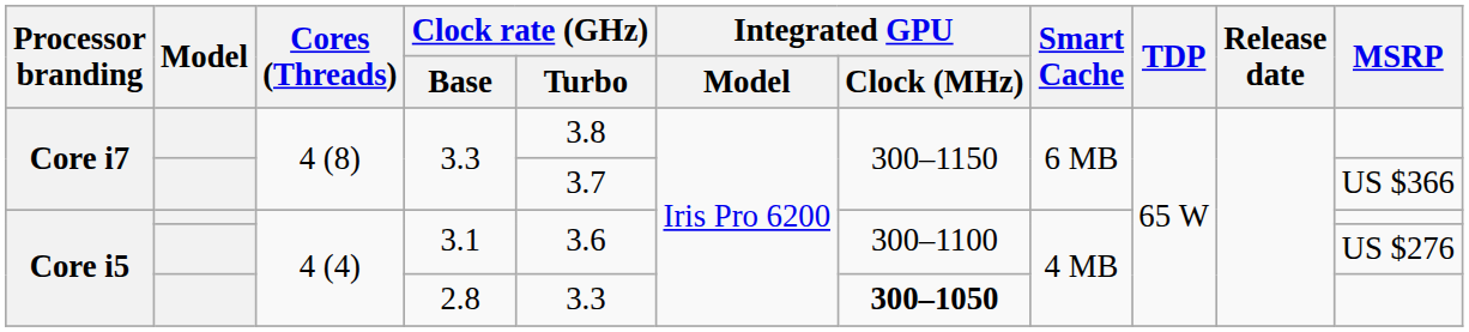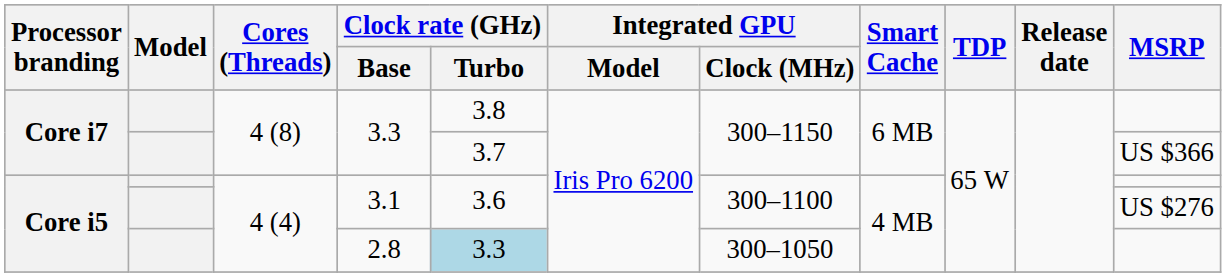 <table class="wikitable sortable nowrap" style="text-align: center;">
 <tr>
 <th class="unsortable" rowspan="2">Processor<br>branding</th>
 <th rowspan="2">Model</th>
 <th class="unsortable" rowspan="2"><a href='#'>Cores</a><br>(<a href='#'>Threads</a>)</th>
 <th colspan="2"><a href='#'>Clock rate</a> (GHz)</th>
 <th colspan="2">Integrated <a href='#'>GPU</a></th>
 <th class="unsortable" rowspan="2"><a href='#'>Smart<br>Cache</a></th>
 <th rowspan="2"><a href='#'>TDP</a></th>
 <th rowspan="2">Release<br>date</th>
 <th class="unsortable" rowspan="2"><a href='#'>MSRP</a></th>
 </tr>
 <tr>
 <th class="unsortable">Base</th>
 <th class="unsortable">Turbo</th>
 <th class="unsortable">Model</th>
 <th class="unsortable">Clock (MHz)</th>
 </tr>
 <tr>
 <th rowspan=2>Core i7</th>
 <th style="text-align:left;" data-sort-value="sku5"></th>
 <td rowspan=2>4 (8)</td>
 <td rowspan=2>3.3</td>
 <td>3.8</td>
 <td rowspan=5><a href='#'>Iris Pro 6200</a></td>
 <td rowspan=2>300–1150</td>
 <td rowspan=2>6 MB</td>
 <td rowspan=5>65 W</td>
 <td rowspan=5></td>
 <td></td>
 </tr>
 <tr>
 <th style="text-align:left;" data-sort-value="sku4"></th>
 <td>3.7</td>
 <td>US $366</td>
 </tr>
 <tr>
 <th rowspan=3>Core i5</th>
 <th style="text-align:left;" data-sort-value="sku3"></th>
 <td rowspan=3>4 (4)</td>
 <td rowspan=2>3.1</td>
 <td rowspan=2>3.6</td>
 <td rowspan=2>300–1100</td>
 <td rowspan=3>4 MB</td>
 <td></td>
 </tr>
 <tr>
 <th style="text-align:left;" data-sort-value="sku2"></th>
 <td>US $276</td>
 </tr>
 <tr>
 <th style="text-align:left;" data-sort-value="sku1"></th>
 <td>2.8</td>
-<td>3.3</td>
-<td><strong>300–1050</strong></td>
+<td style="background: lightblue;">3.3</td>
+<td>300–1050</td>
 <td></td>
 </tr>
 </table>
